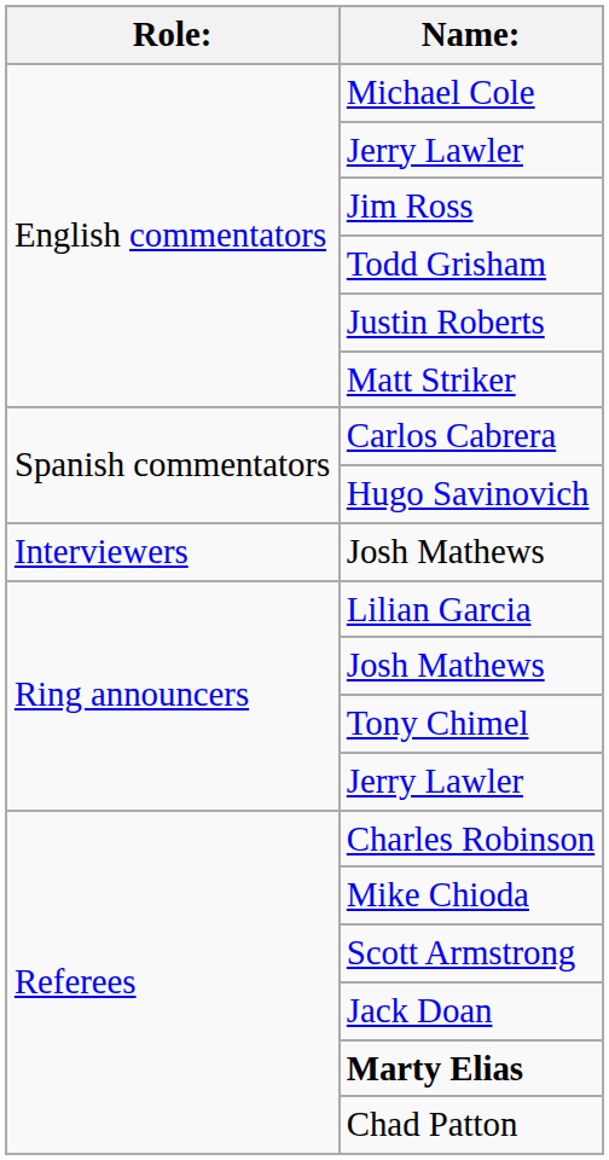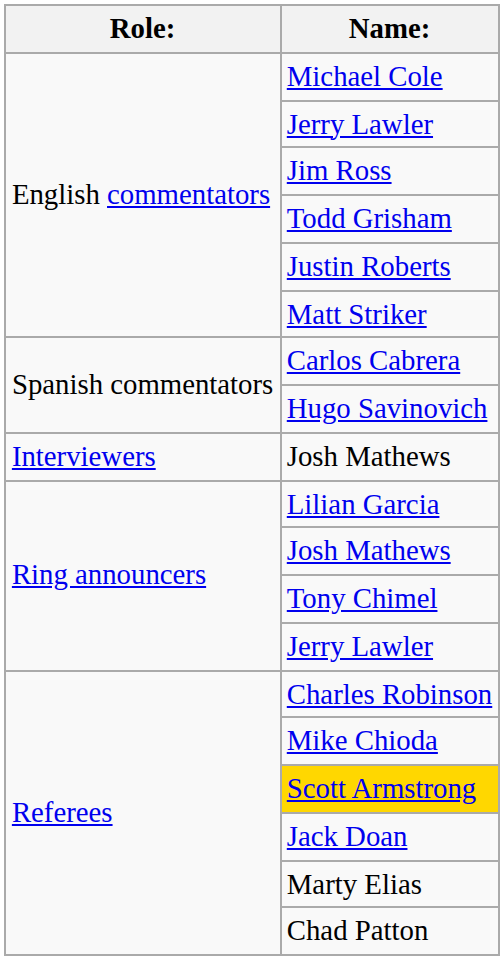 <table class=wikitable style="font-size:90%; margin: 0.5em 0 0.5em 1em; float: right; clear: right;">
 <tr>
 <th>Role:</th>
 <th>Name:</th>
 </tr>
 <tr>
 <td rowspan=6>English <a href='#'>commentators</a></td>
 <td><a href='#'>Michael Cole</a> </td>
 </tr>
 <tr>
 <td><a href='#'>Jerry Lawler</a> </td>
 </tr>
 <tr>
 <td><a href='#'>Jim Ross</a> </td>
 </tr>
 <tr>
 <td><a href='#'>Todd Grisham</a> </td>
 </tr>
 <tr>
 <td><a href='#'>Justin Roberts</a> </td>
 </tr>
 <tr>
 <td><a href='#'>Matt Striker</a> </td>
 </tr>
 <tr>
 <td rowspan=2>Spanish commentators</td>
 <td><a href='#'>Carlos Cabrera</a></td>
 </tr>
 <tr>
 <td><a href='#'>Hugo Savinovich</a></td>
 </tr>
 <tr>
 <td><a href='#'>Interviewers</a></td>
 <td>Josh Mathews</td>
 </tr>
 <tr>
 <td rowspan=4><a href='#'>Ring announcers</a></td>
 <td><a href='#'>Lilian Garcia</a> </td>
 </tr>
 <tr>
 <td><a href='#'>Josh Mathews</a> </td>
 </tr>
 <tr>
 <td><a href='#'>Tony Chimel</a> </td>
 </tr>
 <tr>
 <td><a href='#'>Jerry Lawler</a> </td>
 </tr>
 <tr>
 <td rowspan=6><a href='#'>Referees</a></td>
 <td><a href='#'>Charles Robinson</a></td>
 </tr>
 <tr>
 <td><a href='#'>Mike Chioda</a></td>
 </tr>
 <tr>
-<td><a href='#'>Scott Armstrong</a></td>
+<td style="background: gold;"><a href='#'>Scott Armstrong</a></td>
 </tr>
 <tr>
 <td><a href='#'>Jack Doan</a></td>
 </tr>
 <tr>
-<td><strong>Marty Elias</strong></td>
+<td>Marty Elias</td>
 </tr>
 <tr>
 <td>Chad Patton</td>
 </tr>
 </table>
